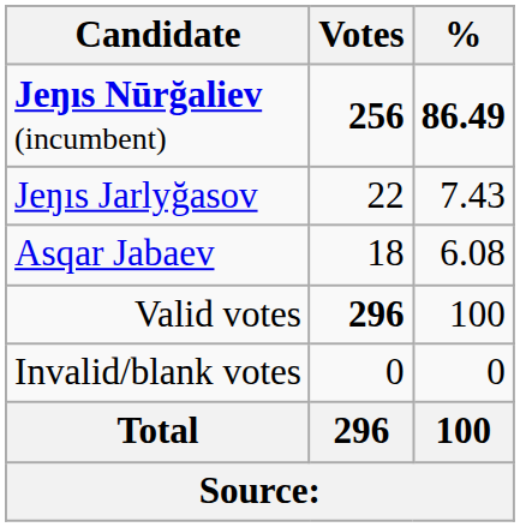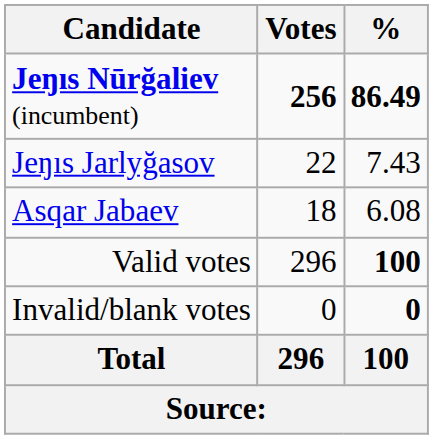 <table class="wikitable" style="text-align:right">
 <tr>
 <th>Candidate</th>
 <th>Votes</th>
 <th>%</th>
 </tr>
 <tr>
 <td align="left"><strong><a href='#'>Jeŋıs Nūrğaliev</a></strong><br><small>(incumbent)</small></td>
 <td><strong>256</strong></td>
 <td><strong>86.49</strong></td>
 </tr>
 <tr>
 <td align="left"><a href='#'>Jeŋıs Jarlyğasov</a></td>
 <td>22</td>
 <td>7.43</td>
 </tr>
 <tr>
 <td align="left"><a href='#'>Asqar Jabaev</a></td>
 <td>18</td>
 <td>6.08</td>
 </tr>
 <tr>
 <td>Valid votes</td>
-<td><strong>296</strong></td>
-<td>100</td>
+<td>296</td>
+<td><strong>100</strong></td>
 </tr>
 <tr>
 <td>Invalid/blank votes</td>
 <td>0</td>
-<td>0</td>
+<td><strong>0</strong></td>
 </tr>
 <tr>
 <th>Total</th>
 <th>296</th>
 <th>100</th>
 </tr>
 <tr>
 <th colspan="3">Source: </th>
 </tr>
 </table>
